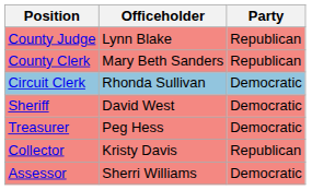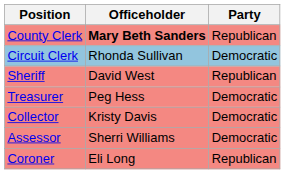 <table class="wikitable mw-collapsible">
 <tr>
 <th>Position</th>
 <th>Officeholder</th>
 <th>Party</th>
 </tr>
 <tr style="background-color:#F48882;">
-<td><a href='#'>County Judge</a></td>
-<td>Lynn Blake</td>
-<td>Republican</td>
-</tr>
-<tr style="background-color:#F48882;">
 <td><a href='#'>County Clerk</a></td>
-<td>Mary Beth Sanders</td>
+<td><strong>Mary Beth Sanders</strong></td>
 <td>Republican</td>
 </tr>
 <tr style="background-color:#92C5DE;">
 <td><a href='#'>Circuit Clerk</a></td>
 <td>Rhonda Sullivan</td>
 <td>Democratic</td>
 </tr>
 <tr style="background-color:#F48882;">
 <td><a href='#'>Sheriff</a></td>
 <td>David West</td>
-<td>Democratic</td>
+<td>Republican</td>
 </tr>
 <tr style="background-color:#F48882;">
 <td><a href='#'>Treasurer</a></td>
 <td>Peg Hess</td>
 <td>Democratic</td>
 </tr>
 <tr style="background-color:#F48882;">
 <td><a href='#'>Collector</a></td>
 <td>Kristy Davis</td>
-<td>Republican</td>
+<td>Democratic</td>
 </tr>
 <tr style="background-color:#F48882;">
 <td><a href='#'>Assessor</a></td>
 <td>Sherri Williams</td>
 <td>Democratic</td>
 </tr>
+<tr style="background-color:#F48882;">
+<td><a href='#'>Coroner</a></td>
+<td>Eli Long</td>
+<td>Republican</td>
+</tr>
 </table>
